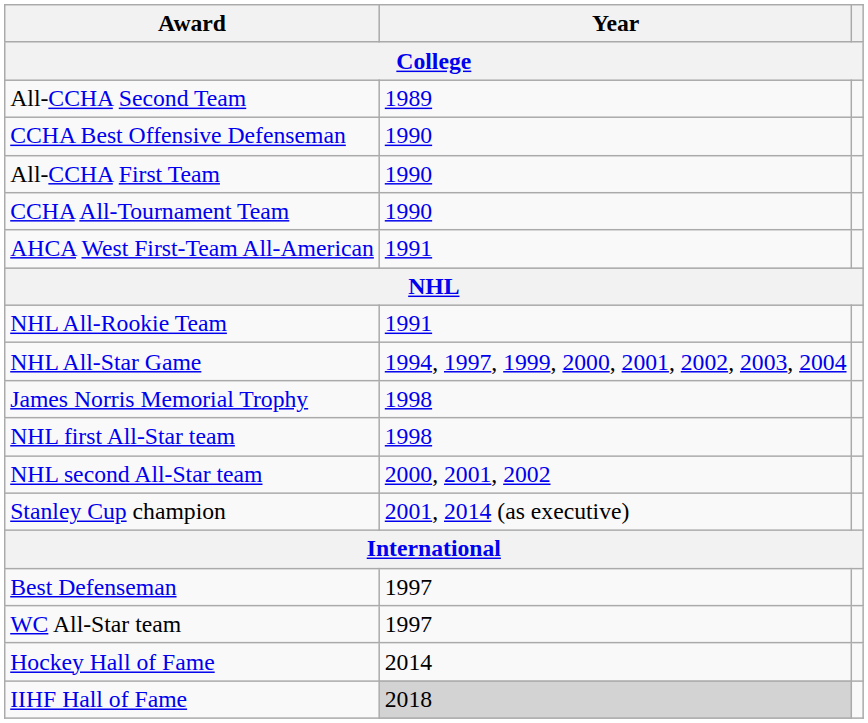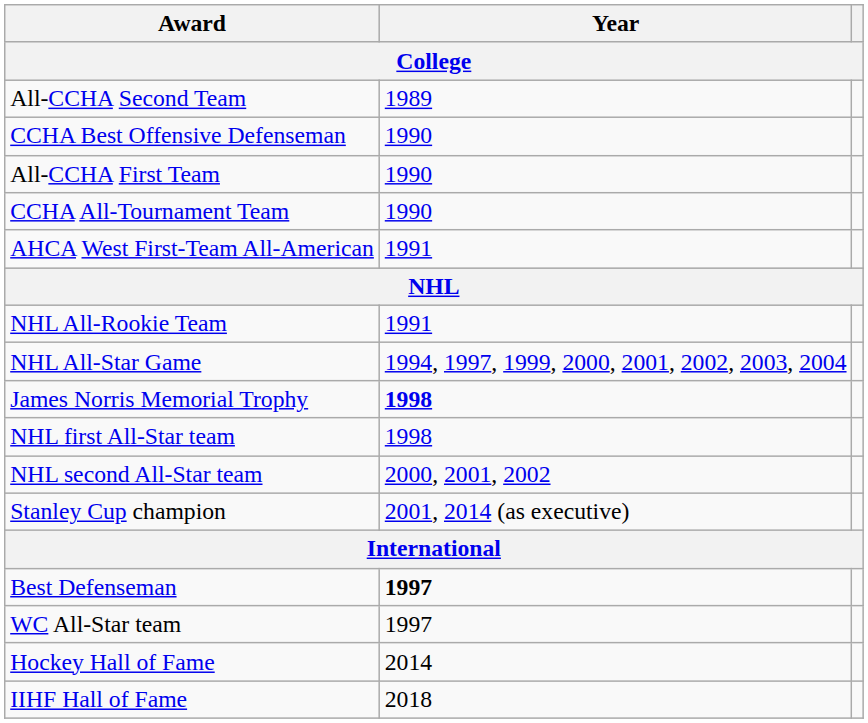 <table class="wikitable">
 <tr>
 <th>Award</th>
 <th>Year</th>
 <th></th>
 </tr>
 <tr ALIGN="center" bgcolor="#e0e0e0">
 <th colspan="3"><a href='#'>College</a></th>
 </tr>
 <tr>
 <td>All-<a href='#'>CCHA</a> <a href='#'>Second Team</a></td>
 <td><a href='#'>1989</a></td>
 <td></td>
 </tr>
 <tr>
 <td><a href='#'>CCHA Best Offensive Defenseman</a></td>
 <td><a href='#'>1990</a></td>
 <td></td>
 </tr>
 <tr>
 <td>All-<a href='#'>CCHA</a> <a href='#'>First Team</a></td>
 <td><a href='#'>1990</a></td>
 <td></td>
 </tr>
 <tr>
 <td><a href='#'>CCHA</a> <a href='#'>All-Tournament Team</a></td>
 <td><a href='#'>1990</a></td>
 <td></td>
 </tr>
 <tr>
 <td><a href='#'>AHCA</a> <a href='#'>West First-Team All-American</a></td>
 <td><a href='#'>1991</a></td>
 <td></td>
 </tr>
 <tr ALIGN="center" bgcolor="#e0e0e0">
 <th colspan="3"><a href='#'>NHL</a></th>
 </tr>
 <tr>
 <td><a href='#'>NHL All-Rookie Team</a></td>
 <td><a href='#'>1991</a></td>
 <td></td>
 </tr>
 <tr>
 <td><a href='#'>NHL All-Star Game</a></td>
 <td><a href='#'>1994</a>, <a href='#'>1997</a>, <a href='#'>1999</a>, <a href='#'>2000</a>, <a href='#'>2001</a>, <a href='#'>2002</a>, <a href='#'>2003</a>, <a href='#'>2004</a></td>
 <td></td>
 </tr>
 <tr>
 <td><a href='#'>James Norris Memorial Trophy</a></td>
-<td><a href='#'>1998</a></td>
+<td><strong><a href='#'>1998</a></strong></td>
 <td></td>
 </tr>
 <tr>
 <td><a href='#'>NHL first All-Star team</a></td>
 <td><a href='#'>1998</a></td>
 <td></td>
 </tr>
 <tr>
 <td><a href='#'>NHL second All-Star team</a></td>
 <td><a href='#'>2000</a>, <a href='#'>2001</a>, <a href='#'>2002</a></td>
 <td></td>
 </tr>
 <tr>
 <td><a href='#'>Stanley Cup</a> champion</td>
 <td><a href='#'>2001</a>, <a href='#'>2014</a> (as executive)</td>
 <td></td>
 </tr>
 <tr>
 <th colspan="3"><a href='#'>International</a></th>
 </tr>
 <tr>
 <td><a href='#'>Best Defenseman</a></td>
-<td>1997</td>
+<td><strong>1997</strong></td>
 <td></td>
 </tr>
 <tr>
 <td><a href='#'>WC</a> All-Star team</td>
 <td>1997</td>
 <td></td>
 </tr>
 <tr>
 <td><a href='#'>Hockey Hall of Fame</a></td>
 <td>2014</td>
 <td></td>
 </tr>
 <tr>
 <td><a href='#'>IIHF Hall of Fame</a></td>
-<td style="background: lightgrey;">2018</td>
+<td>2018</td>
 <td></td>
 </tr>
 </table>
